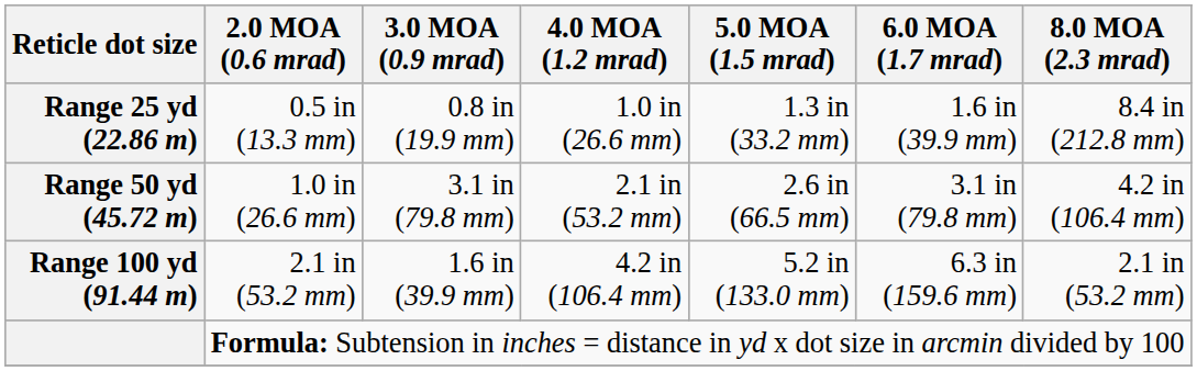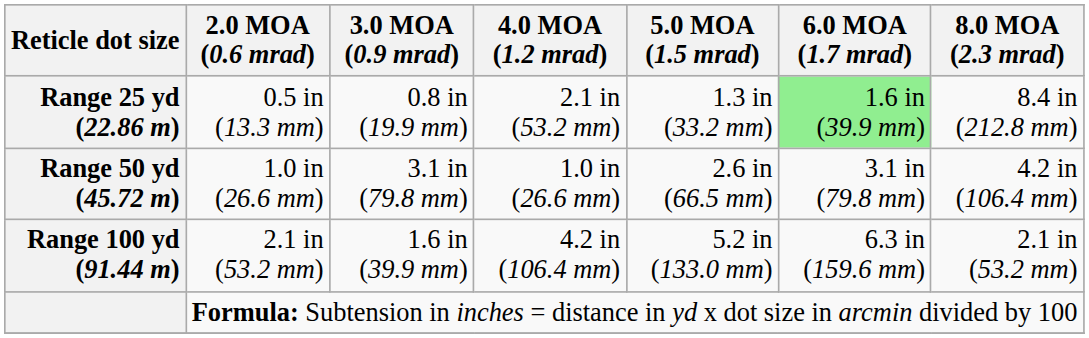 <table class="wikitable">
 <tr>
 <th>Reticle dot size</th>
 <th>2.0 MOA <br>(<em>0.6 mrad</em>)</th>
 <th>3.0 MOA <br>(<em>0.9 mrad</em>)</th>
 <th>4.0 MOA <br>(<em>1.2 mrad</em>)</th>
 <th>5.0 MOA <br>(<em>1.5 mrad</em>)</th>
 <th>6.0 MOA <br>(<em>1.7 mrad</em>)</th>
 <th>8.0 MOA <br>(<em>2.3 mrad</em>)</th>
 </tr>
 <tr>
 <th style="text-align: right;">Range 25 yd <br>(<em>22.86 m</em>)</th>
 <td style="text-align: right;">0.5 in <br>(<em>13.3 mm</em>)</td>
 <td style="text-align: right;">0.8 in <br>(<em>19.9 mm</em>)</td>
-<td style="text-align: right;">1.0 in <br>(<em>26.6 mm</em>)</td>
+<td style="text-align: right;">2.1 in <br>(<em>53.2 mm</em>)</td>
 <td style="text-align: right;">1.3 in <br>(<em>33.2 mm</em>)</td>
-<td style="text-align: right;">1.6 in <br>(<em>39.9 mm</em>)</td>
+<td style="background: lightgreen; text-align: right;">1.6 in <br>(<em>39.9 mm</em>)</td>
 <td style="text-align: right;">8.4 in <br>(<em>212.8 mm</em>)</td>
 </tr>
 <tr>
 <th style="text-align: right;">Range 50 yd <br>(<em>45.72 m</em>)</th>
 <td style="text-align: right;">1.0 in <br>(<em>26.6 mm</em>)</td>
 <td style="text-align: right;">3.1 in <br>(<em>79.8 mm</em>)</td>
-<td style="text-align: right;">2.1 in <br>(<em>53.2 mm</em>)</td>
+<td style="text-align: right;">1.0 in <br>(<em>26.6 mm</em>)</td>
 <td style="text-align: right;">2.6 in <br>(<em>66.5 mm</em>)</td>
 <td style="text-align: right;">3.1 in <br>(<em>79.8 mm</em>)</td>
 <td style="text-align: right;">4.2 in <br>(<em>106.4 mm</em>)</td>
 </tr>
 <tr>
 <th style="text-align: right;">Range 100 yd <br>(<em>91.44 m</em>)</th>
 <td style="text-align: right;">2.1 in <br>(<em>53.2 mm</em>)</td>
 <td style="text-align: right;">1.6 in <br>(<em>39.9 mm</em>)</td>
 <td style="text-align: right;">4.2 in <br>(<em>106.4 mm</em>)</td>
 <td style="text-align: right;">5.2 in <br>(<em>133.0 mm</em>)</td>
 <td style="text-align: right;">6.3 in <br>(<em>159.6 mm</em>)</td>
 <td style="text-align: right;">2.1 in <br>(<em>53.2 mm</em>)</td>
 </tr>
 <tr>
 <th></th>
 <td colspan="6" style="text-align: center;"><strong>Formula:</strong> Subtension in <em>inches</em> = distance in <em>yd</em> x dot size in <em>arcmin</em> divided by 100</td>
 </tr>
 <tr>
 </tr>
 </table>
